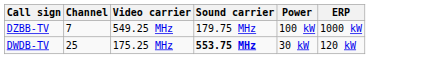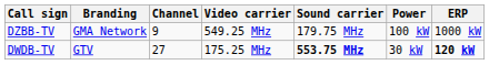 <table class="wikitable sortable">
 <tr>
 <th>Call sign</th>
+<th>Branding</th>
 <th>Channel</th>
 <th>Video carrier</th>
 <th>Sound carrier</th>
 <th>Power</th>
 <th>ERP</th>
 </tr>
 <tr>
 <td><a href='#'>DZBB-TV</a></td>
-<td>7</td>
+<td><a href='#'>GMA Network</a></td>
+<td>9</td>
 <td>549.25 <a href='#'>MHz</a></td>
 <td>179.75 <a href='#'>MHz</a></td>
 <td>100 <a href='#'>kW</a></td>
 <td>1000 <a href='#'>kW</a></td>
 </tr>
 <tr>
 <td><a href='#'>DWDB-TV</a></td>
-<td>25</td>
+<td><a href='#'>GTV</a></td>
+<td>27</td>
 <td>175.25 <a href='#'>MHz</a></td>
 <td><strong>553.75 <a href='#'>MHz</a></strong></td>
 <td>30 <a href='#'>kW</a></td>
-<td>120 <a href='#'>kW</a></td>
+<td><strong>120 <a href='#'>kW</a></strong></td>
 </tr>
 </table>
